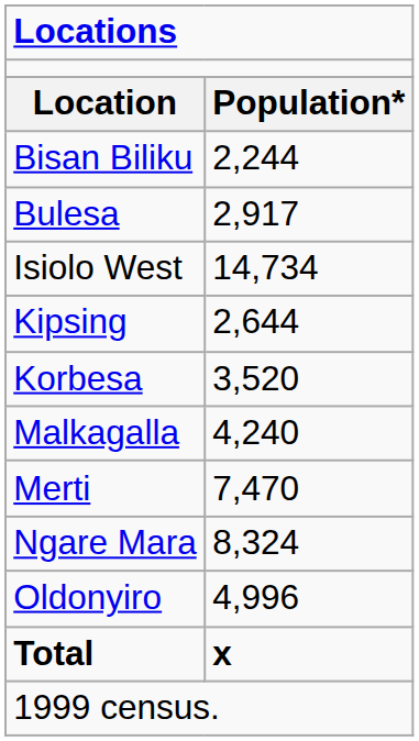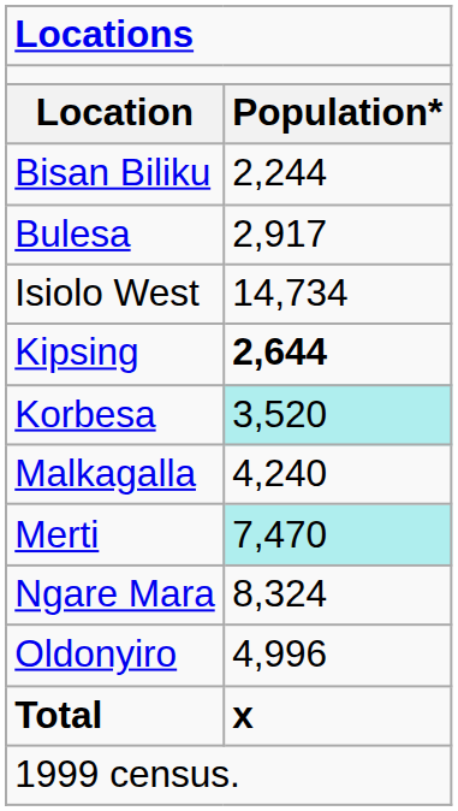 <table class="wikitable">
 <tr>
 <td colspan="2"><strong><a href='#'>Locations</a></strong></td>
 </tr>
 <tr>
 <td colspan="2"></td>
 </tr>
 <tr>
 <th>Location</th>
 <th>Population*</th>
 </tr>
 <tr>
 <td><a href='#'>Bisan Biliku</a></td>
 <td>2,244</td>
 </tr>
 <tr>
 <td><a href='#'>Bulesa</a></td>
 <td>2,917</td>
 </tr>
 <tr>
 <td>Isiolo West</td>
 <td>14,734</td>
 </tr>
 <tr>
 <td><a href='#'>Kipsing</a></td>
-<td>2,644</td>
+<td><strong>2,644</strong></td>
 </tr>
 <tr>
 <td><a href='#'>Korbesa</a></td>
-<td>3,520</td>
+<td style="background: paleturquoise;">3,520</td>
 </tr>
 <tr>
 <td><a href='#'>Malkagalla</a></td>
 <td>4,240</td>
 </tr>
 <tr>
 <td><a href='#'>Merti</a></td>
-<td>7,470</td>
+<td style="background: paleturquoise;">7,470</td>
 </tr>
 <tr>
 <td><a href='#'>Ngare Mara</a></td>
 <td>8,324</td>
 </tr>
 <tr>
 <td><a href='#'>Oldonyiro</a></td>
 <td>4,996</td>
 </tr>
 <tr>
 <td><strong>Total</strong></td>
 <td><strong>x</strong></td>
 </tr>
 <tr>
 <td colspan="2">1999 census.</td>
 </tr>
 </table>
